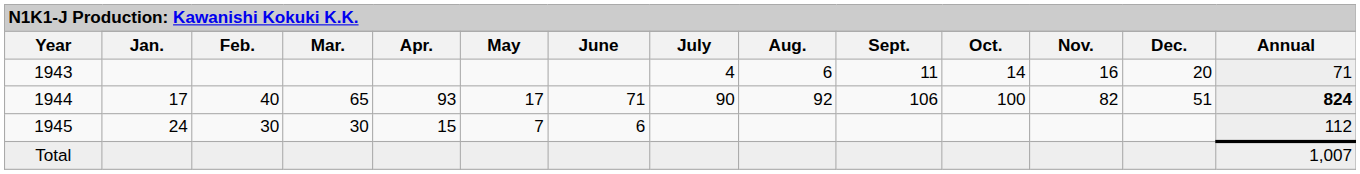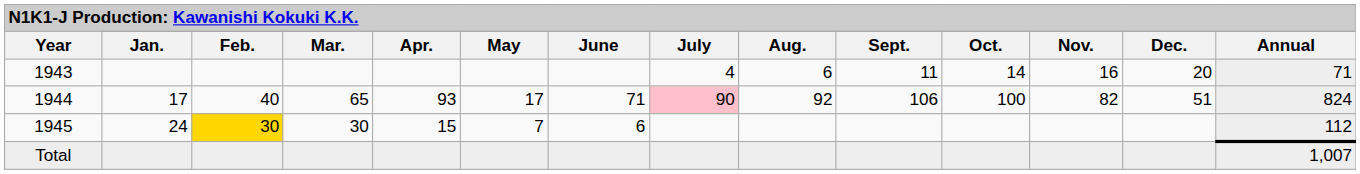 <table class="wikitable" style="text-align: right; width: 100%">
 <tr>
 <td style="background:#ccc" ; colspan="14" ; align="left"><strong>N1K1-J Production: <a href='#'>Kawanishi Kokuki K.K.</a></strong></td>
 </tr>
 <tr>
 <th rowspan=2>Year</th>
 </tr>
 <tr>
 <th>Jan.</th>
 <th>Feb.</th>
 <th>Mar.</th>
 <th>Apr.</th>
 <th>May</th>
 <th>June</th>
 <th>July</th>
 <th>Aug.</th>
 <th>Sept.</th>
 <th>Oct.</th>
 <th>Nov.</th>
 <th>Dec.</th>
 <th>Annual</th>
 </tr>
 <tr>
 <td style="text-align:center">1943</td>
 <td></td>
 <td></td>
 <td></td>
 <td></td>
 <td></td>
 <td></td>
 <td>4</td>
 <td>6</td>
 <td>11</td>
 <td>14</td>
 <td>16</td>
 <td>20</td>
 <td style="background: #eee;">71</td>
 </tr>
 <tr>
 <td style="text-align:center">1944</td>
 <td>17</td>
 <td>40</td>
 <td>65</td>
 <td>93</td>
 <td>17</td>
 <td>71</td>
-<td>90</td>
+<td style="background: pink;">90</td>
 <td>92</td>
 <td>106</td>
 <td>100</td>
 <td>82</td>
 <td>51</td>
-<td style="background: #eee;"><strong>824</strong></td>
+<td style="background: #eee;">824</td>
 </tr>
 <tr>
 <td style="text-align:center">1945</td>
 <td>24</td>
-<td>30</td>
+<td style="background: gold;">30</td>
 <td>30</td>
 <td>15</td>
 <td>7</td>
 <td>6</td>
 <td></td>
 <td></td>
 <td></td>
 <td></td>
 <td></td>
 <td></td>
 <td style="background: #eee;">112</td>
 </tr>
 <tr style="background: #eee;">
 <td style="text-align:center">Total</td>
 <td></td>
 <td></td>
 <td></td>
 <td></td>
 <td></td>
 <td></td>
 <td></td>
 <td></td>
 <td></td>
 <td></td>
 <td></td>
 <td></td>
 <td style="border-top: black solid">1,007</td>
 </tr>
 </table>
